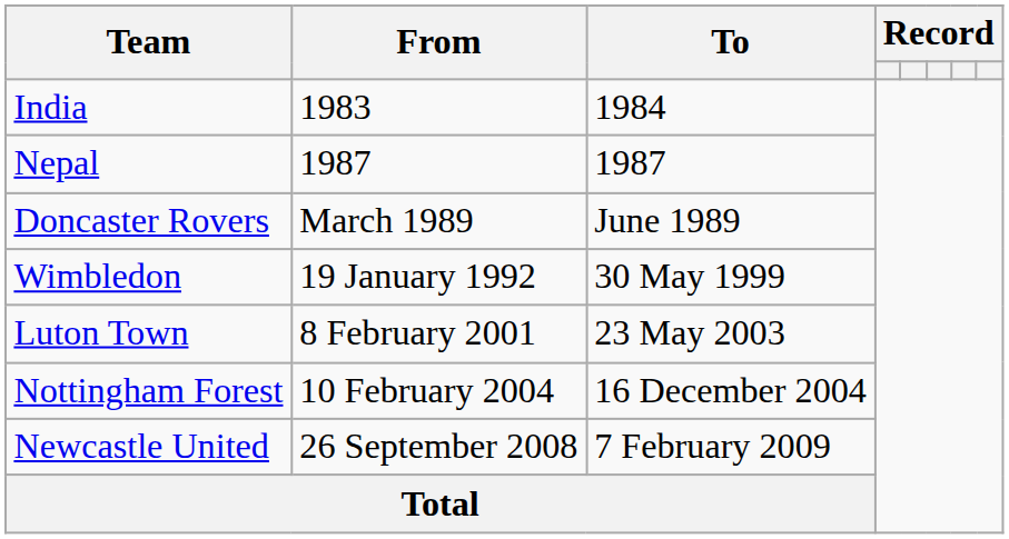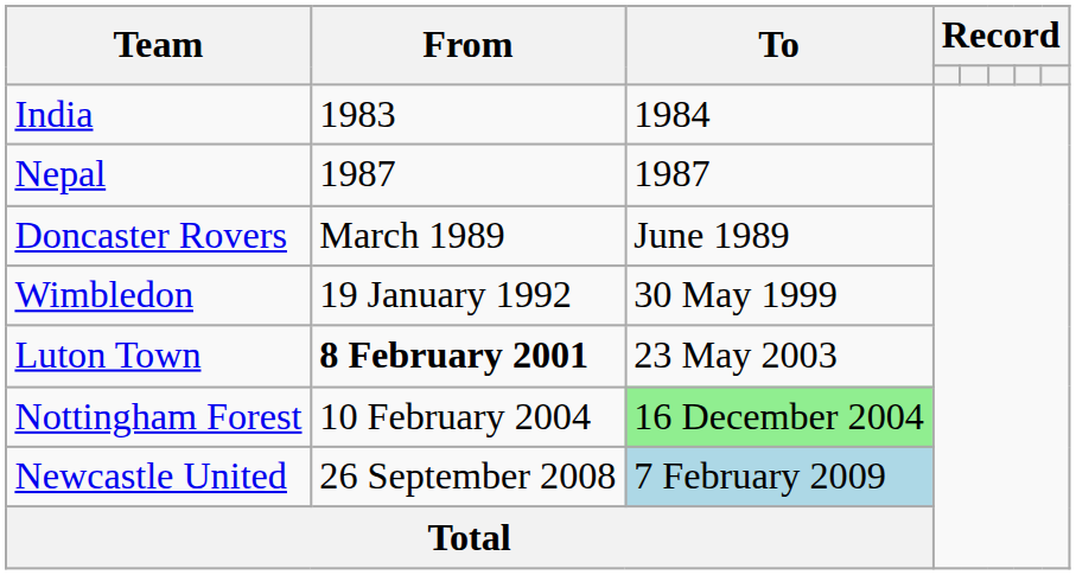 <table class=wikitable style="text-align: center">
 <tr>
 <th rowspan=2>Team</th>
 <th rowspan=2>From</th>
 <th rowspan=2>To</th>
 <th colspan=5>Record</th>
 </tr>
 <tr>
 <th></th>
 <th></th>
 <th></th>
 <th></th>
 <th></th>
 </tr>
 <tr>
 <td align=left><a href='#'>India</a></td>
 <td align=left>1983</td>
 <td align=left>1984<br></td>
 </tr>
 <tr>
 <td align=left><a href='#'>Nepal</a></td>
 <td align=left>1987</td>
 <td align=left>1987<br></td>
 </tr>
 <tr>
 <td align=left><a href='#'>Doncaster Rovers</a></td>
 <td align=left>March 1989</td>
 <td align=left>June 1989<br></td>
 </tr>
 <tr>
 <td align=left><a href='#'>Wimbledon</a></td>
 <td align=left>19 January 1992</td>
 <td align=left>30 May 1999<br></td>
 </tr>
 <tr>
 <td align=left><a href='#'>Luton Town</a></td>
-<td align=left>8 February 2001</td>
+<td align=left><strong>8 February 2001</strong></td>
 <td align=left>23 May 2003<br></td>
 </tr>
 <tr>
 <td align=left><a href='#'>Nottingham Forest</a></td>
 <td align=left>10 February 2004</td>
-<td align=left>16 December 2004<br></td>
+<td align=left style="background: lightgreen;">16 December 2004<br></td>
 </tr>
 <tr>
 <td align=left><a href='#'>Newcastle United</a></td>
 <td align=left>26 September 2008</td>
-<td align=left>7 February 2009<br></td>
+<td align=left style="background: lightblue;">7 February 2009<br></td>
 </tr>
 <tr>
 <th colspan=3>Total<br></th>
 </tr>
 </table>
